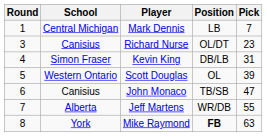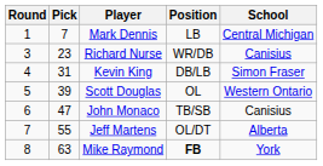 <table class="wikitable" style="font-size: 95%;">
 <tr>
 <th scope="col">Round</th>
-<th scope="col">School</th>
+<th scope="col">Pick</th>
 <th scope="col">Player</th>
 <th scope="col">Position</th>
-<th scope="col">Pick</th>
+<th scope="col">School</th>
 </tr>
 <tr align="center">
 <td align=center>1</td>
-<td><a href='#'>Central Michigan</a></td>
+<td>7</td>
 <td><a href='#'>Mark Dennis</a></td>
 <td>LB</td>
-<td>7</td>
+<td><a href='#'>Central Michigan</a></td>
 </tr>
 <tr align="center">
 <td align=center>3</td>
+<td>23</td>
+<td><a href='#'>Richard Nurse</a></td>
+<td>WR/DB</td>
 <td><a href='#'>Canisius</a></td>
-<td><a href='#'>Richard Nurse</a></td>
-<td>OL/DT</td>
-<td>23</td>
 </tr>
 <tr align="center">
 <td align=center>4</td>
-<td><a href='#'>Simon Fraser</a></td>
+<td>31</td>
 <td><a href='#'>Kevin King</a></td>
 <td>DB/LB</td>
-<td>31</td>
+<td><a href='#'>Simon Fraser</a></td>
 </tr>
 <tr align="center">
 <td align=center>5</td>
-<td><a href='#'>Western Ontario</a></td>
+<td>39</td>
 <td><a href='#'>Scott Douglas</a></td>
 <td>OL</td>
-<td>39</td>
+<td><a href='#'>Western Ontario</a></td>
 </tr>
 <tr align="center">
 <td align=center>6</td>
-<td>Canisius</td>
+<td>47</td>
 <td><a href='#'>John Monaco</a></td>
 <td>TB/SB</td>
-<td>47</td>
+<td>Canisius</td>
 </tr>
 <tr align="center">
 <td align=center>7</td>
+<td>55</td>
+<td><a href='#'>Jeff Martens</a></td>
+<td>OL/DT</td>
 <td><a href='#'>Alberta</a></td>
-<td><a href='#'>Jeff Martens</a></td>
-<td>WR/DB</td>
-<td>55</td>
 </tr>
 <tr align="center">
 <td align=center>8</td>
-<td><a href='#'>York</a></td>
+<td>63</td>
 <td><a href='#'>Mike Raymond</a></td>
 <td><strong>FB</strong></td>
-<td>63</td>
+<td><a href='#'>York</a></td>
 </tr>
 </table>
